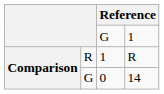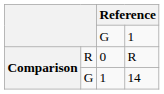 <table class="wikitable">
 <tr>
 <th colspan="2" rowspan="2"></th>
 <th colspan="2">Reference</th>
 </tr>
 <tr>
 <td>G</td>
 <td>1</td>
 </tr>
 <tr>
 <th rowspan="2">Comparison</th>
 <td>R</td>
-<td>1</td>
+<td>0</td>
 <td>R</td>
 </tr>
 <tr>
 <td>G</td>
-<td>0</td>
+<td>1</td>
 <td>14</td>
 </tr>
 </table>
